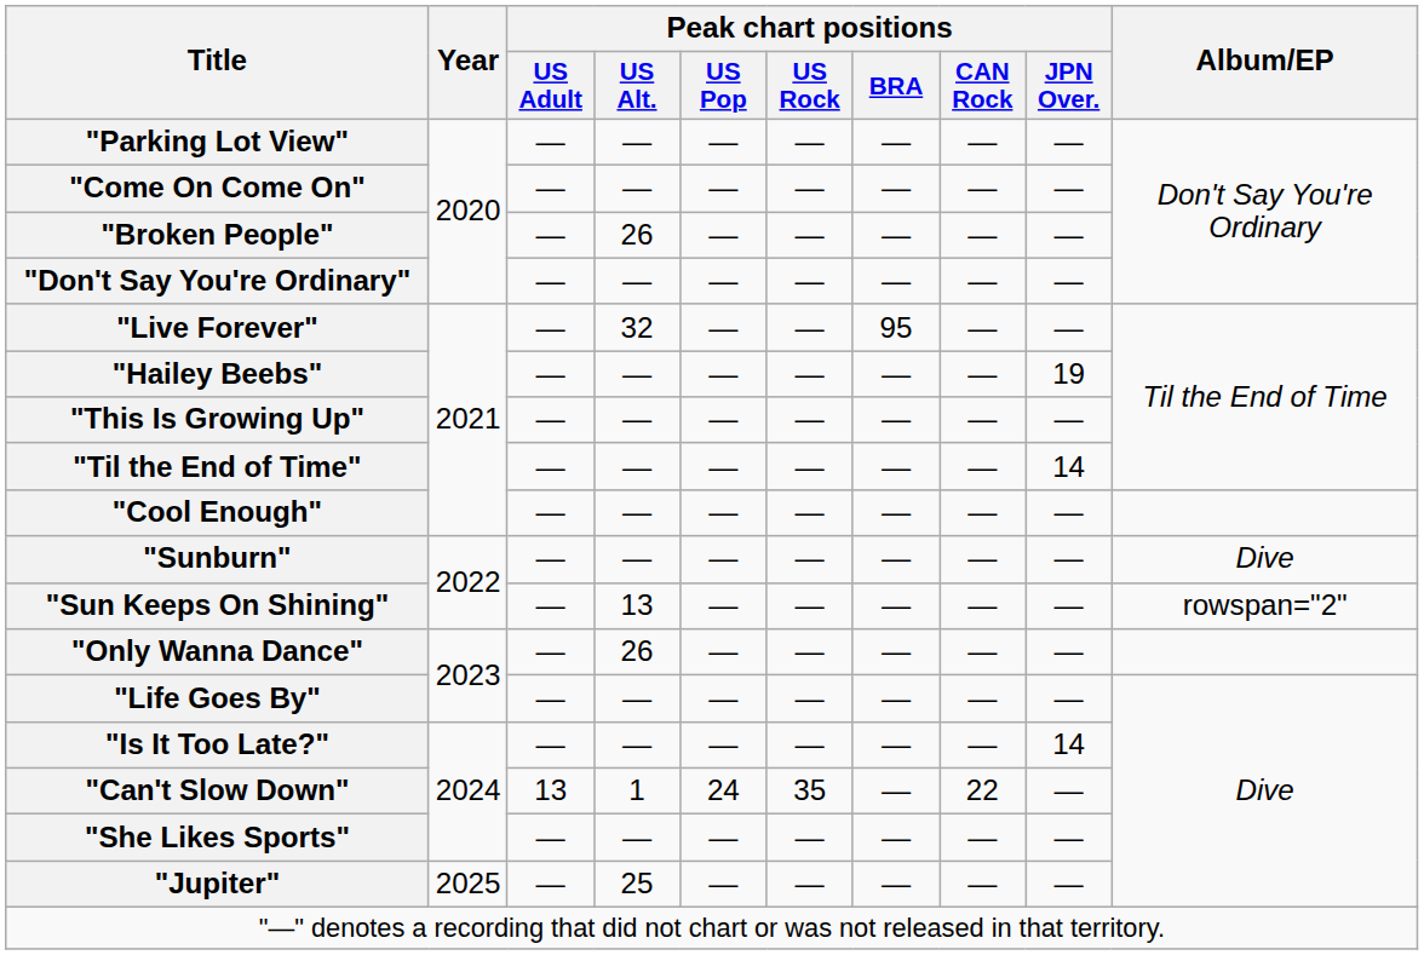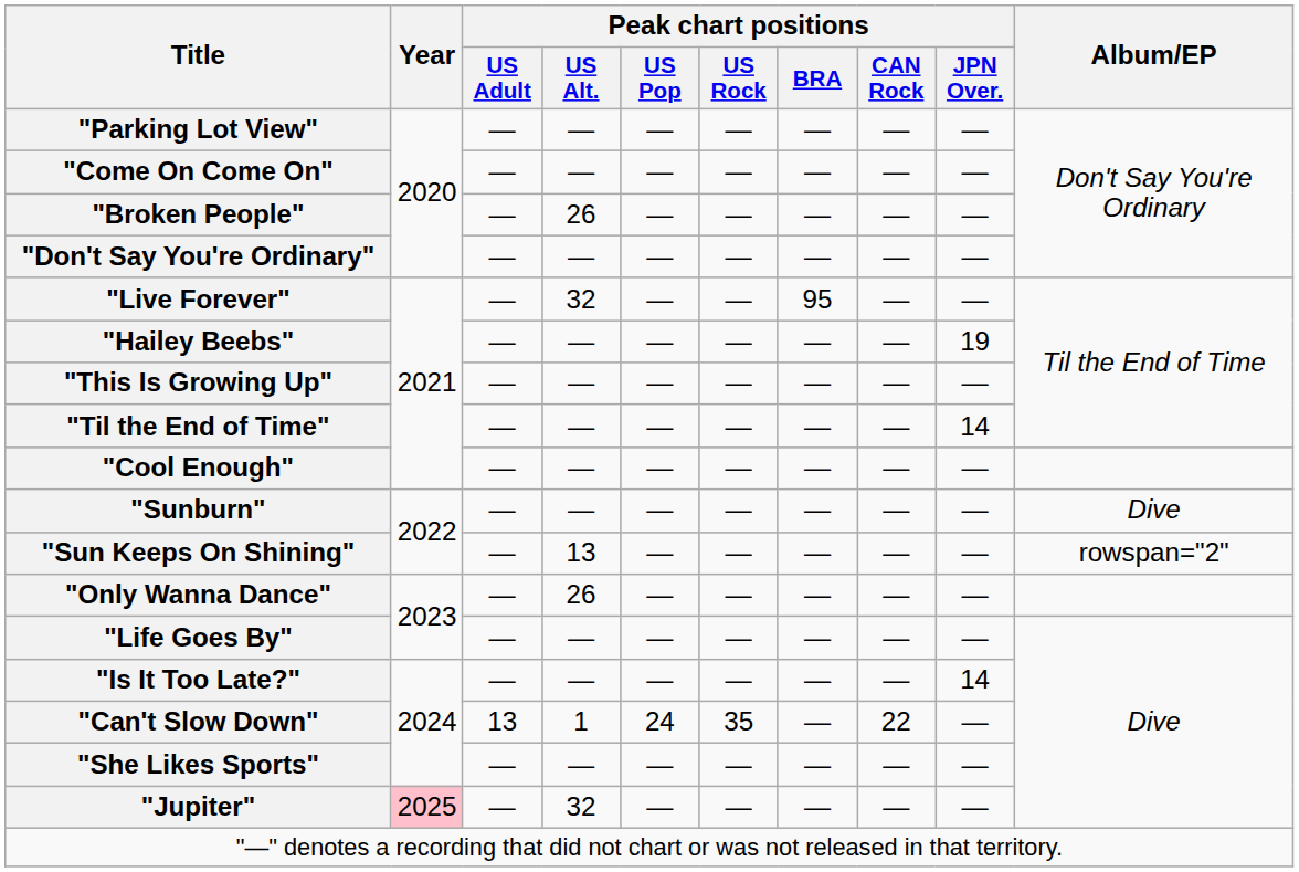 <table class="wikitable plainrowheaders" style="text-align:center;">
 <tr>
 <th scope="col" rowspan="2" style="width:14em;">Title</th>
 <th scope="col" rowspan="2" style="width:1em;">Year</th>
 <th scope="col" colspan="7">Peak chart positions</th>
 <th scope="col" rowspan="2" style="width:10em;">Album/EP</th>
 </tr>
 <tr>
 <th scope="col" style="width:3em;font-size:85%;"><a href='#'>US<br>Adult</a><br></th>
 <th scope="col" style="width:3em;font-size:85%;"><a href='#'>US<br>Alt.</a><br></th>
 <th scope="col" style="width:3em;font-size:85%;"><a href='#'>US<br>Pop</a><br></th>
 <th scope="col" style="width:3em;font-size:85%;"><a href='#'>US<br>Rock</a><br></th>
 <th scope="col" style="width:3em;font-size:85%;"><a href='#'>BRA</a><br></th>
 <th scope="col" style="width:3em;font-size:85%;"><a href='#'>CAN<br>Rock</a><br></th>
 <th scope="col" style="width:3em;font-size:85%;"><a href='#'>JPN<br>Over.</a><br></th>
 </tr>
 <tr>
 <th scope="row">"Parking Lot View"</th>
 <td rowspan="4">2020</td>
 <td>—</td>
 <td>—</td>
 <td>—</td>
 <td>—</td>
 <td>—</td>
 <td>—</td>
 <td>—</td>
 <td rowspan="4"><em>Don't Say You're Ordinary</em></td>
 </tr>
 <tr>
 <th scope="row">"Come On Come On"</th>
 <td>—</td>
 <td>—</td>
 <td>—</td>
 <td>—</td>
 <td>—</td>
 <td>—</td>
 <td>—</td>
 </tr>
 <tr>
 <th scope="row">"Broken People"</th>
 <td>—</td>
 <td>26</td>
 <td>—</td>
 <td>—</td>
 <td>—</td>
 <td>—</td>
 <td>—</td>
 </tr>
 <tr>
 <th scope="row">"Don't Say You're Ordinary"</th>
 <td>—</td>
 <td>—</td>
 <td>—</td>
 <td>—</td>
 <td>—</td>
 <td>—</td>
 <td>—</td>
 </tr>
 <tr>
 <th scope="row">"Live Forever"</th>
 <td rowspan="5">2021</td>
 <td>—</td>
 <td>32</td>
 <td>—</td>
 <td>—</td>
 <td>95</td>
 <td>—</td>
 <td>—</td>
 <td rowspan="4"><em>Til the End of Time</em></td>
 </tr>
 <tr>
 <th scope="row">"Hailey Beebs"</th>
 <td>—</td>
 <td>—</td>
 <td>—</td>
 <td>—</td>
 <td>—</td>
 <td>—</td>
 <td>19</td>
 </tr>
 <tr>
 <th scope="row">"This Is Growing Up"</th>
 <td>—</td>
 <td>—</td>
 <td>—</td>
 <td>—</td>
 <td>—</td>
 <td>—</td>
 <td>—</td>
 </tr>
 <tr>
 <th scope="row">"Til the End of Time"</th>
 <td>—</td>
 <td>—</td>
 <td>—</td>
 <td>—</td>
 <td>—</td>
 <td>—</td>
 <td>14</td>
 </tr>
 <tr>
 <th scope="row">"Cool Enough"</th>
 <td>—</td>
 <td>—</td>
 <td>—</td>
 <td>—</td>
 <td>—</td>
 <td>—</td>
 <td>—</td>
 <td></td>
 </tr>
 <tr>
 <th scope="row">"Sunburn"</th>
 <td rowspan="2">2022</td>
 <td>—</td>
 <td>—</td>
 <td>—</td>
 <td>—</td>
 <td>—</td>
 <td>—</td>
 <td>—</td>
 <td><em>Dive</em></td>
 </tr>
 <tr>
 <th scope="row">"Sun Keeps On Shining"</th>
 <td>—</td>
 <td>13</td>
 <td>—</td>
 <td>—</td>
 <td>—</td>
 <td>—</td>
 <td>—</td>
 <td>rowspan="2" </td>
 </tr>
 <tr>
 <th scope="row">"Only Wanna Dance"</th>
 <td rowspan="2">2023</td>
 <td>—</td>
 <td>26</td>
 <td>—</td>
 <td>—</td>
 <td>—</td>
 <td>—</td>
 <td>—</td>
 </tr>
 <tr>
 <th scope="row">"Life Goes By"</th>
 <td>—</td>
 <td>—</td>
 <td>—</td>
 <td>—</td>
 <td>—</td>
 <td>—</td>
 <td>—</td>
 <td rowspan="5"><em>Dive</em></td>
 </tr>
 <tr>
 <th scope="row">"Is It Too Late?"</th>
 <td rowspan="3">2024</td>
 <td>—</td>
 <td>—</td>
 <td>—</td>
 <td>—</td>
 <td>—</td>
 <td>—</td>
 <td>14</td>
 </tr>
 <tr>
 <th scope="row">"Can't Slow Down"</th>
 <td>13</td>
 <td>1</td>
 <td>24</td>
 <td>35</td>
 <td>—</td>
 <td>22</td>
 <td>—</td>
 </tr>
 <tr>
 <th scope="row">"She Likes Sports"</th>
 <td>—</td>
 <td>—</td>
 <td>—</td>
 <td>—</td>
 <td>—</td>
 <td>—</td>
 <td>—</td>
 </tr>
 <tr>
 <th scope="row">"Jupiter"<br> </th>
-<td>2025</td>
+<td style="background: pink;">2025</td>
 <td>—</td>
-<td>25</td>
+<td>32</td>
 <td>—</td>
 <td>—</td>
 <td>—</td>
 <td>—</td>
 <td>—</td>
 </tr>
 <tr>
 <td colspan="13" style="font-size:90%">"—" denotes a recording that did not chart or was not released in that territory.</td>
 </tr>
 </table>
